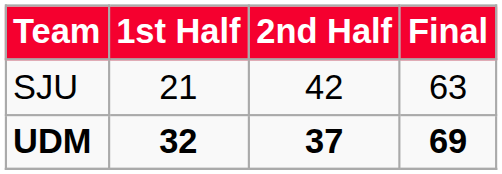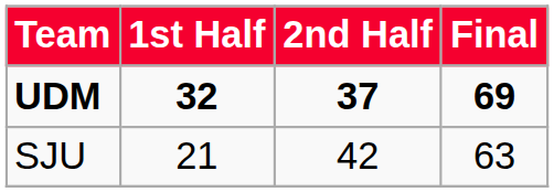 <table class="wikitable" align=right>
 <tr style="background: #F5002F; color: #FFFFFF">
 <td><strong>Team</strong></td>
 <td><strong>1st Half</strong></td>
 <td><strong>2nd Half</strong></td>
 <td><strong>Final</strong></td>
 </tr>
 <tr>
+<td><strong>UDM</strong></td>
+<td align=center><strong>32</strong></td>
+<td align=center><strong>37</strong></td>
+<td align=center><strong>69</strong></td>
+</tr>
+<tr>
 <td>SJU</td>
 <td align=center>21</td>
 <td align=center>42</td>
 <td align=center>63</td>
 </tr>
 <tr>
-<td><strong>UDM</strong></td>
-<td align=center><strong>32</strong></td>
-<td align=center><strong>37</strong></td>
-<td align=center><strong>69</strong></td>
-</tr>
-<tr>
 </tr>
 </table>
